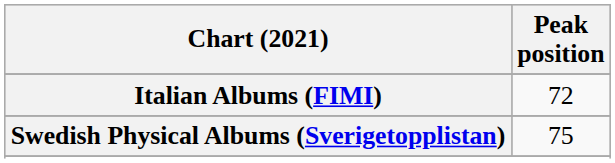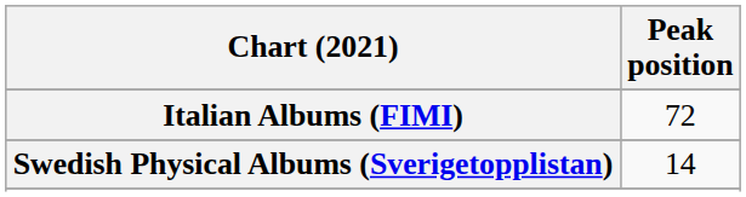 <table class="wikitable sortable plainrowheaders" style="text-align:center;">
 <tr>
 <th scope="col">Chart (2021)</th>
 <th scope="col">Peak<br>position</th>
 </tr>
 <tr>
 </tr>
 <tr>
 </tr>
 <tr>
 </tr>
 <tr>
 </tr>
 <tr>
 </tr>
 <tr>
 </tr>
 <tr>
 <th scope="row">Italian Albums (<a href='#'>FIMI</a>)</th>
 <td>72</td>
 </tr>
 <tr>
 </tr>
 <tr>
 </tr>
 <tr>
 <th scope="row">Swedish Physical Albums (<a href='#'>Sverigetopplistan</a>)</th>
-<td>75</td>
+<td>14</td>
 </tr>
 <tr>
 </tr>
 <tr>
 </tr>
 </table>
